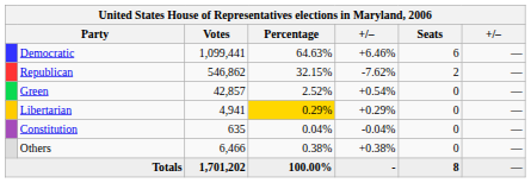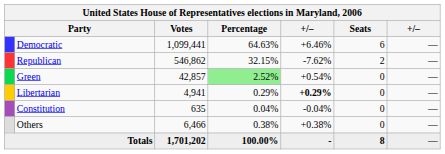 <table class="wikitable" style="font-size: 95%;">
 <tr>
 <th colspan="7">United States House of Representatives elections in Maryland, 2006</th>
 </tr>
 <tr>
 <th colspan=2 style="width: 15em">Party</th>
 <th style="width: 5em">Votes</th>
 <th style="width: 7em">Percentage</th>
 <th style="width: 5em">+/–</th>
 <th style="width: 5em">Seats</th>
 <th style="width: 5em">+/–</th>
 </tr>
 <tr>
 <th style="background:#33f; width:3px;"></th>
 <td style="width: 130px"><a href='#'>Democratic</a></td>
 <td style="text-align:right;">1,099,441</td>
 <td style="text-align:right;">64.63%</td>
 <td style="text-align:right;">+6.46%</td>
 <td style="text-align:right;">6</td>
 <td style="text-align:right;">—</td>
 </tr>
 <tr>
 <th style="background:#f33; width:3px;"></th>
 <td style="width: 130px"><a href='#'>Republican</a></td>
 <td style="text-align:right;">546,862</td>
 <td style="text-align:right;">32.15%</td>
 <td style="text-align:right;">-7.62%</td>
 <td style="text-align:right;">2</td>
 <td style="text-align:right;">—</td>
 </tr>
 <tr>
 <th style="background:#0bda51; width:3px;"></th>
 <td style="width: 130px"><a href='#'>Green</a></td>
 <td style="text-align:right;">42,857</td>
-<td style="text-align:right;">2.52%</td>
+<td style="background: lightgreen; text-align:right;">2.52%</td>
 <td style="text-align:right;">+0.54%</td>
 <td style="text-align:right;">0</td>
 <td style="text-align:right;">—</td>
 </tr>
 <tr>
 <th style="background:#fc0; width:3px;"></th>
 <td style="width: 130px"><a href='#'>Libertarian</a></td>
 <td style="text-align:right;">4,941</td>
-<td style="background: gold; text-align:right;">0.29%</td>
-<td style="text-align:right;">+0.29%</td>
+<td style="text-align:right;">0.29%</td>
+<td style="text-align:right;"><strong>+0.29%</strong></td>
 <td style="text-align:right;">0</td>
 <td style="text-align:right;">—</td>
 </tr>
 <tr>
 <th style="background:#A54CBA; width:3px;"></th>
 <td style="width: 130px"><a href='#'>Constitution</a></td>
 <td style="text-align:right;">635</td>
 <td style="text-align:right;">0.04%</td>
 <td style="text-align:right;">-0.04%</td>
 <td style="text-align:right;">0</td>
 <td style="text-align:right;">—</td>
 </tr>
 <tr>
 <th style="background:#ddd; width:3px;"></th>
 <td style="width: 130px">Others</td>
 <td style="text-align:right;">6,466</td>
 <td style="text-align:right;">0.38%</td>
 <td style="text-align:right;">+0.38%</td>
 <td style="text-align:right;">0</td>
 <td style="text-align:right;">—</td>
 </tr>
 <tr style="background:#eee; text-align:right;">
 <td colspan="2"><strong>Totals</strong></td>
 <td><strong>1,701,202</strong></td>
 <td><strong>100.00%</strong></td>
 <td><strong>-</strong></td>
 <td><strong>8</strong></td>
 <td><strong>—</strong></td>
 </tr>
 </table>
